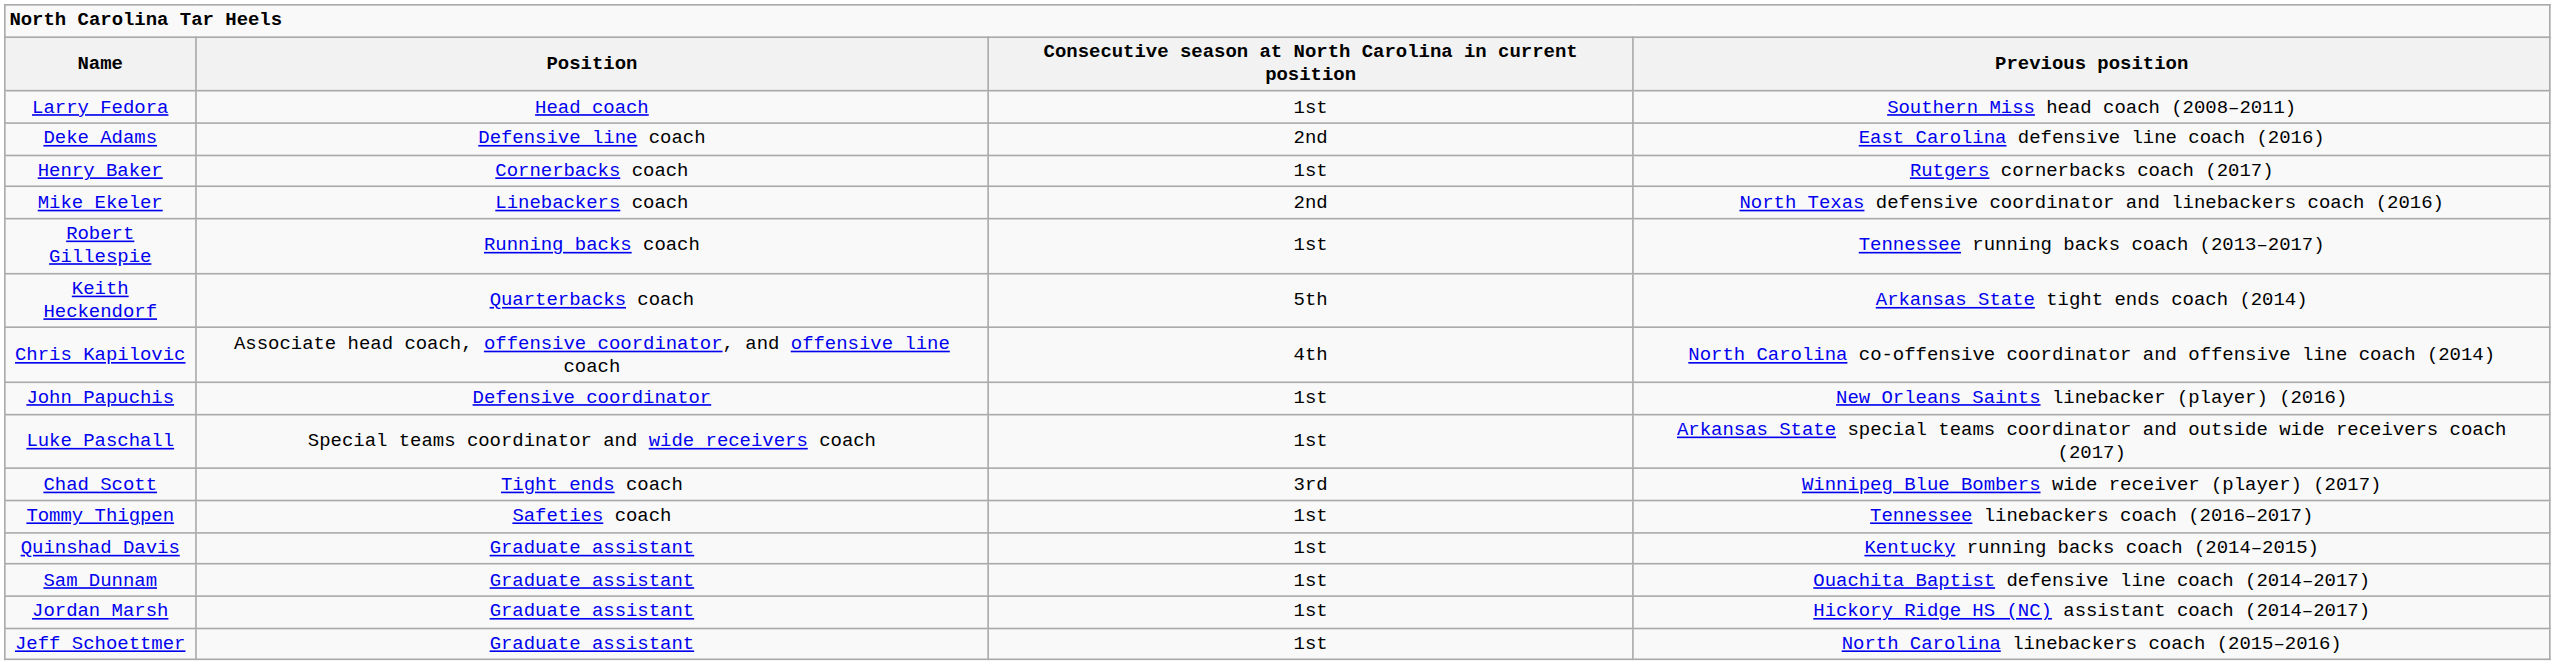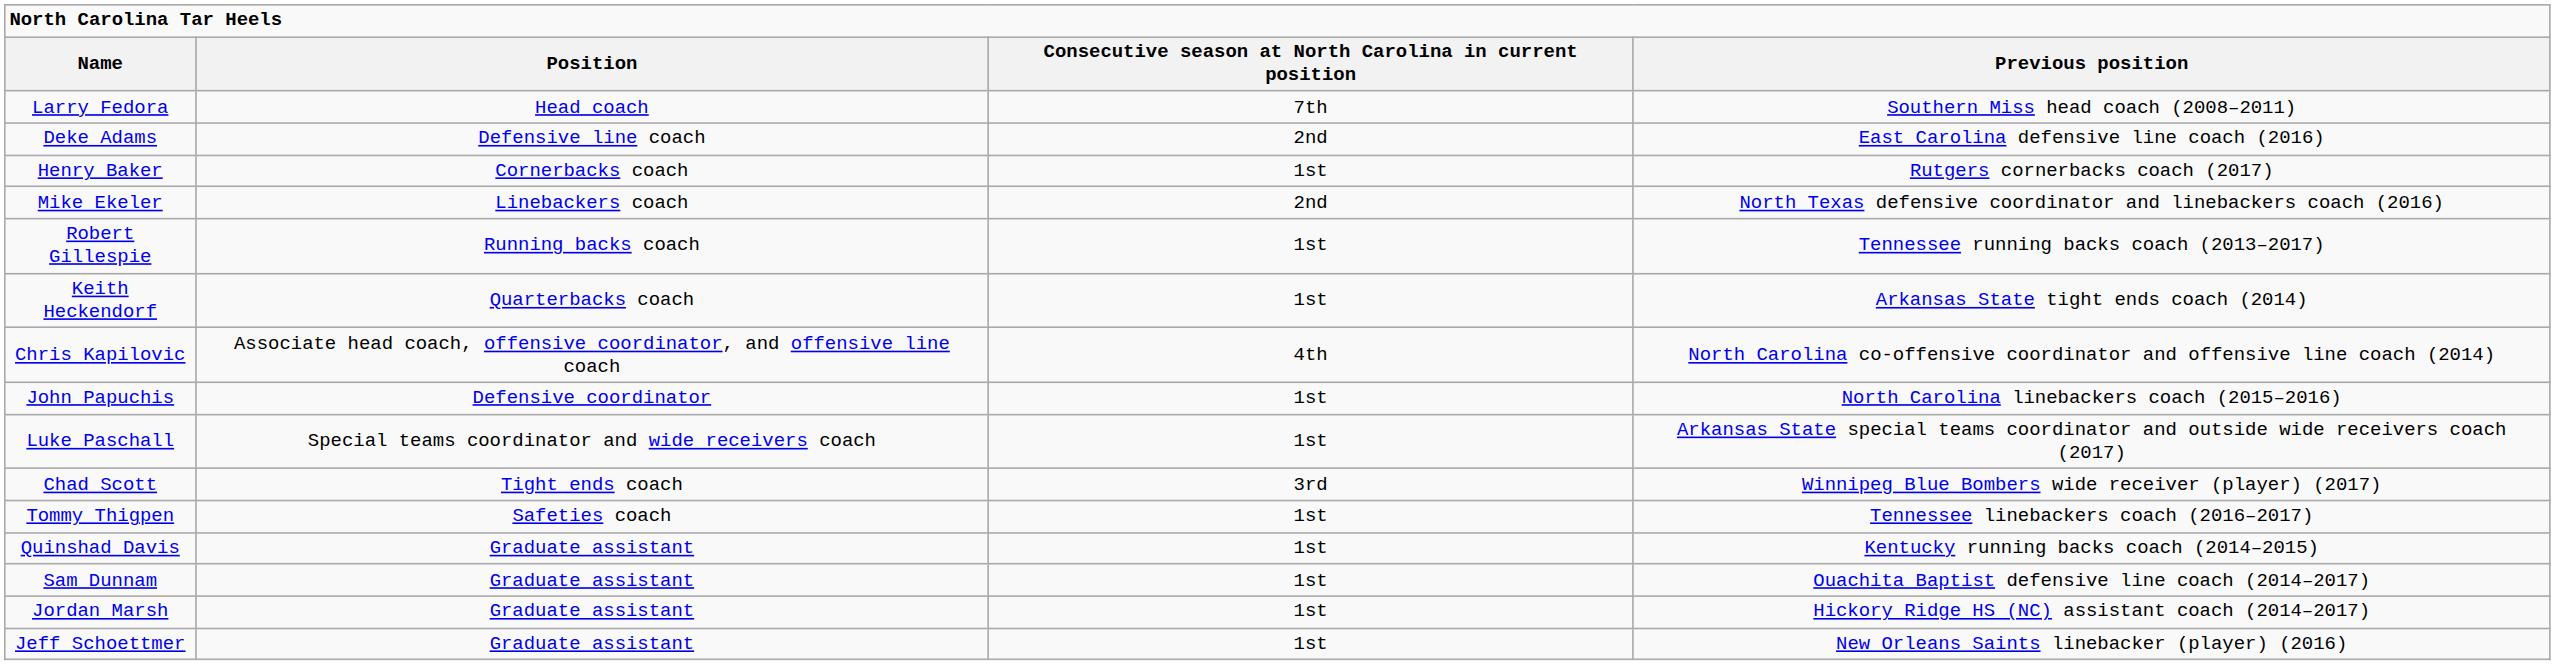 <table class="wikitable" style="font-size:90%;">
 <tr>
 <td colspan=5><strong>North Carolina Tar Heels</strong></td>
 </tr>
 <tr align="center";>
 <th>Name</th>
 <th>Position</th>
 <th>Consecutive season at North Carolina in current position</th>
 <th>Previous position</th>
 </tr>
 <tr align="center";>
 <td><a href='#'>Larry Fedora</a></td>
 <td><a href='#'>Head coach</a></td>
-<td>1st</td>
+<td>7th</td>
 <td><a href='#'>Southern Miss</a> head coach (2008–2011)</td>
 </tr>
 <tr align="center" ;>
 <td><a href='#'>Deke Adams</a></td>
 <td><a href='#'>Defensive line</a> coach</td>
 <td>2nd</td>
 <td><a href='#'>East Carolina</a> defensive line coach (2016)</td>
 </tr>
 <tr align="center" ;>
 <td><a href='#'>Henry Baker</a></td>
 <td><a href='#'>Cornerbacks</a> coach</td>
 <td>1st</td>
 <td><a href='#'>Rutgers</a> cornerbacks coach (2017)</td>
 </tr>
 <tr align="center" ;>
 <td><a href='#'>Mike Ekeler</a></td>
 <td><a href='#'>Linebackers</a> coach</td>
 <td>2nd</td>
 <td><a href='#'>North Texas</a> defensive coordinator and linebackers coach (2016)</td>
 </tr>
 <tr align="center" ;>
 <td><a href='#'>Robert Gillespie</a></td>
 <td><a href='#'>Running backs</a> coach</td>
 <td>1st</td>
 <td><a href='#'>Tennessee</a> running backs coach (2013–2017)</td>
 </tr>
 <tr align="center" ;>
 <td><a href='#'>Keith Heckendorf</a></td>
 <td><a href='#'>Quarterbacks</a> coach</td>
-<td>5th</td>
+<td>1st</td>
 <td><a href='#'>Arkansas State</a> tight ends coach (2014)</td>
 </tr>
 <tr align="center" ;>
 <td><a href='#'>Chris Kapilovic</a></td>
 <td>Associate head coach, <a href='#'>offensive coordinator</a>, and <a href='#'>offensive line</a> coach</td>
 <td>4th</td>
 <td><a href='#'>North Carolina</a> co-offensive coordinator and offensive line coach (2014)</td>
 </tr>
 <tr align="center" ;>
 <td><a href='#'>John Papuchis</a></td>
 <td><a href='#'>Defensive coordinator</a></td>
 <td>1st</td>
-<td><a href='#'>New Orleans Saints</a> linebacker (player) (2016)</td>
+<td><a href='#'>North Carolina</a> linebackers coach (2015–2016)</td>
 </tr>
 <tr align="center" ;>
 <td><a href='#'>Luke Paschall</a></td>
 <td>Special teams coordinator and <a href='#'>wide receivers</a> coach</td>
 <td>1st</td>
 <td><a href='#'>Arkansas State</a> special teams coordinator and outside wide receivers coach (2017)</td>
 </tr>
 <tr align="center" ;>
 <td><a href='#'>Chad Scott</a></td>
 <td><a href='#'>Tight ends</a> coach</td>
 <td>3rd</td>
 <td><a href='#'>Winnipeg Blue Bombers</a> wide receiver (player) (2017)</td>
 </tr>
 <tr align="center" ;>
 <td><a href='#'>Tommy Thigpen</a></td>
 <td><a href='#'>Safeties</a> coach</td>
 <td>1st</td>
 <td><a href='#'>Tennessee</a> linebackers coach (2016–2017)</td>
 </tr>
 <tr align="center" ;>
 <td><a href='#'>Quinshad Davis</a></td>
 <td><a href='#'>Graduate assistant</a></td>
 <td>1st</td>
 <td><a href='#'>Kentucky</a> running backs coach (2014–2015)</td>
 </tr>
 <tr align="center" ;>
 <td><a href='#'>Sam Dunnam</a></td>
 <td><a href='#'>Graduate assistant</a></td>
 <td>1st</td>
 <td><a href='#'>Ouachita Baptist</a> defensive line coach (2014–2017)</td>
 </tr>
 <tr align="center" ;>
 <td><a href='#'>Jordan Marsh</a></td>
 <td><a href='#'>Graduate assistant</a></td>
 <td>1st</td>
 <td><a href='#'>Hickory Ridge HS (NC)</a> assistant coach (2014–2017)</td>
 </tr>
 <tr align="center" ;>
 <td><a href='#'>Jeff Schoettmer</a></td>
 <td><a href='#'>Graduate assistant</a></td>
 <td>1st</td>
-<td><a href='#'>North Carolina</a> linebackers coach (2015–2016)</td>
+<td><a href='#'>New Orleans Saints</a> linebacker (player) (2016)</td>
 </tr>
 </table>
